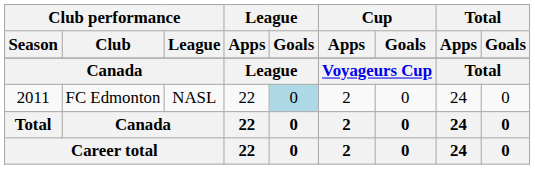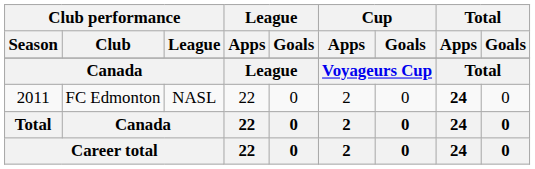 <table class="wikitable" style="text-align:center">
 <tr>
 <th colspan=3>Club performance</th>
 <th colspan=2>League</th>
 <th colspan=2>Cup</th>
 <th colspan=2>Total</th>
 </tr>
 <tr>
 <th>Season</th>
 <th>Club</th>
 <th>League</th>
 <th>Apps</th>
 <th>Goals</th>
 <th>Apps</th>
 <th>Goals</th>
 <th>Apps</th>
 <th>Goals</th>
 </tr>
 <tr>
 </tr>
 <tr>
 <th colspan=3>Canada</th>
 <th colspan=2>League</th>
 <th colspan=2><a href='#'>Voyageurs Cup</a></th>
 <th colspan=2>Total</th>
 </tr>
 <tr>
 <td>2011</td>
 <td>FC Edmonton</td>
 <td>NASL</td>
 <td>22</td>
-<td style="background: lightblue;">0</td>
+<td>0</td>
 <td>2</td>
 <td>0</td>
-<td>24</td>
+<td><strong>24</strong></td>
 <td>0</td>
 </tr>
 <tr>
 <th rowspan=1>Total</th>
 <th colspan=2>Canada</th>
 <th>22</th>
 <th>0</th>
 <th>2</th>
 <th>0</th>
 <th>24</th>
 <th>0</th>
 </tr>
 <tr>
 <th colspan=3>Career total</th>
 <th>22</th>
 <th>0</th>
 <th>2</th>
 <th>0</th>
 <th>24</th>
 <th>0</th>
 </tr>
 </table>
